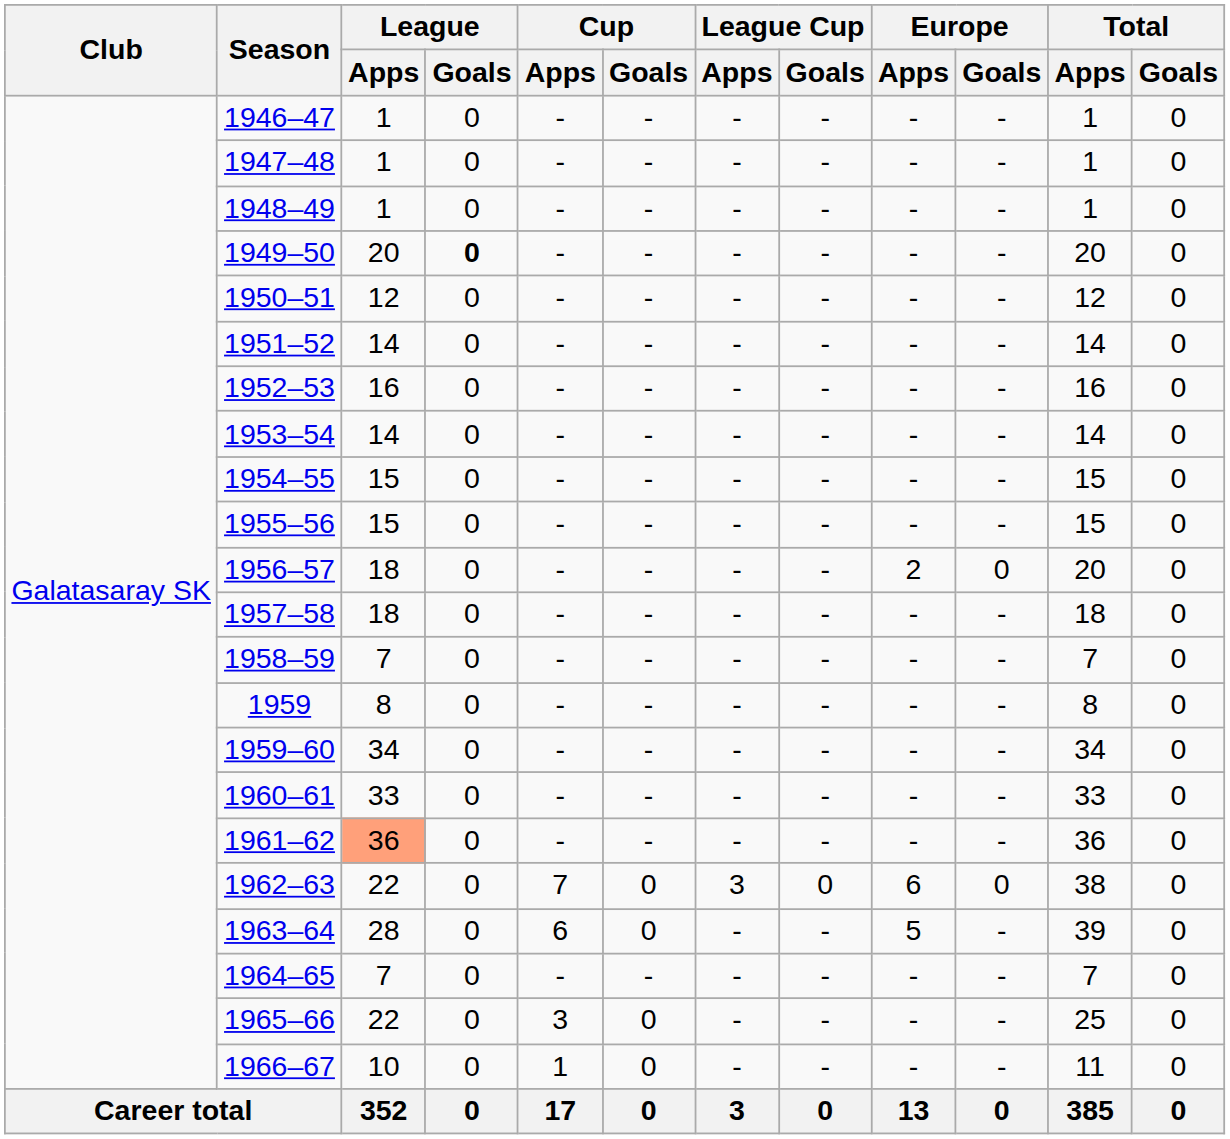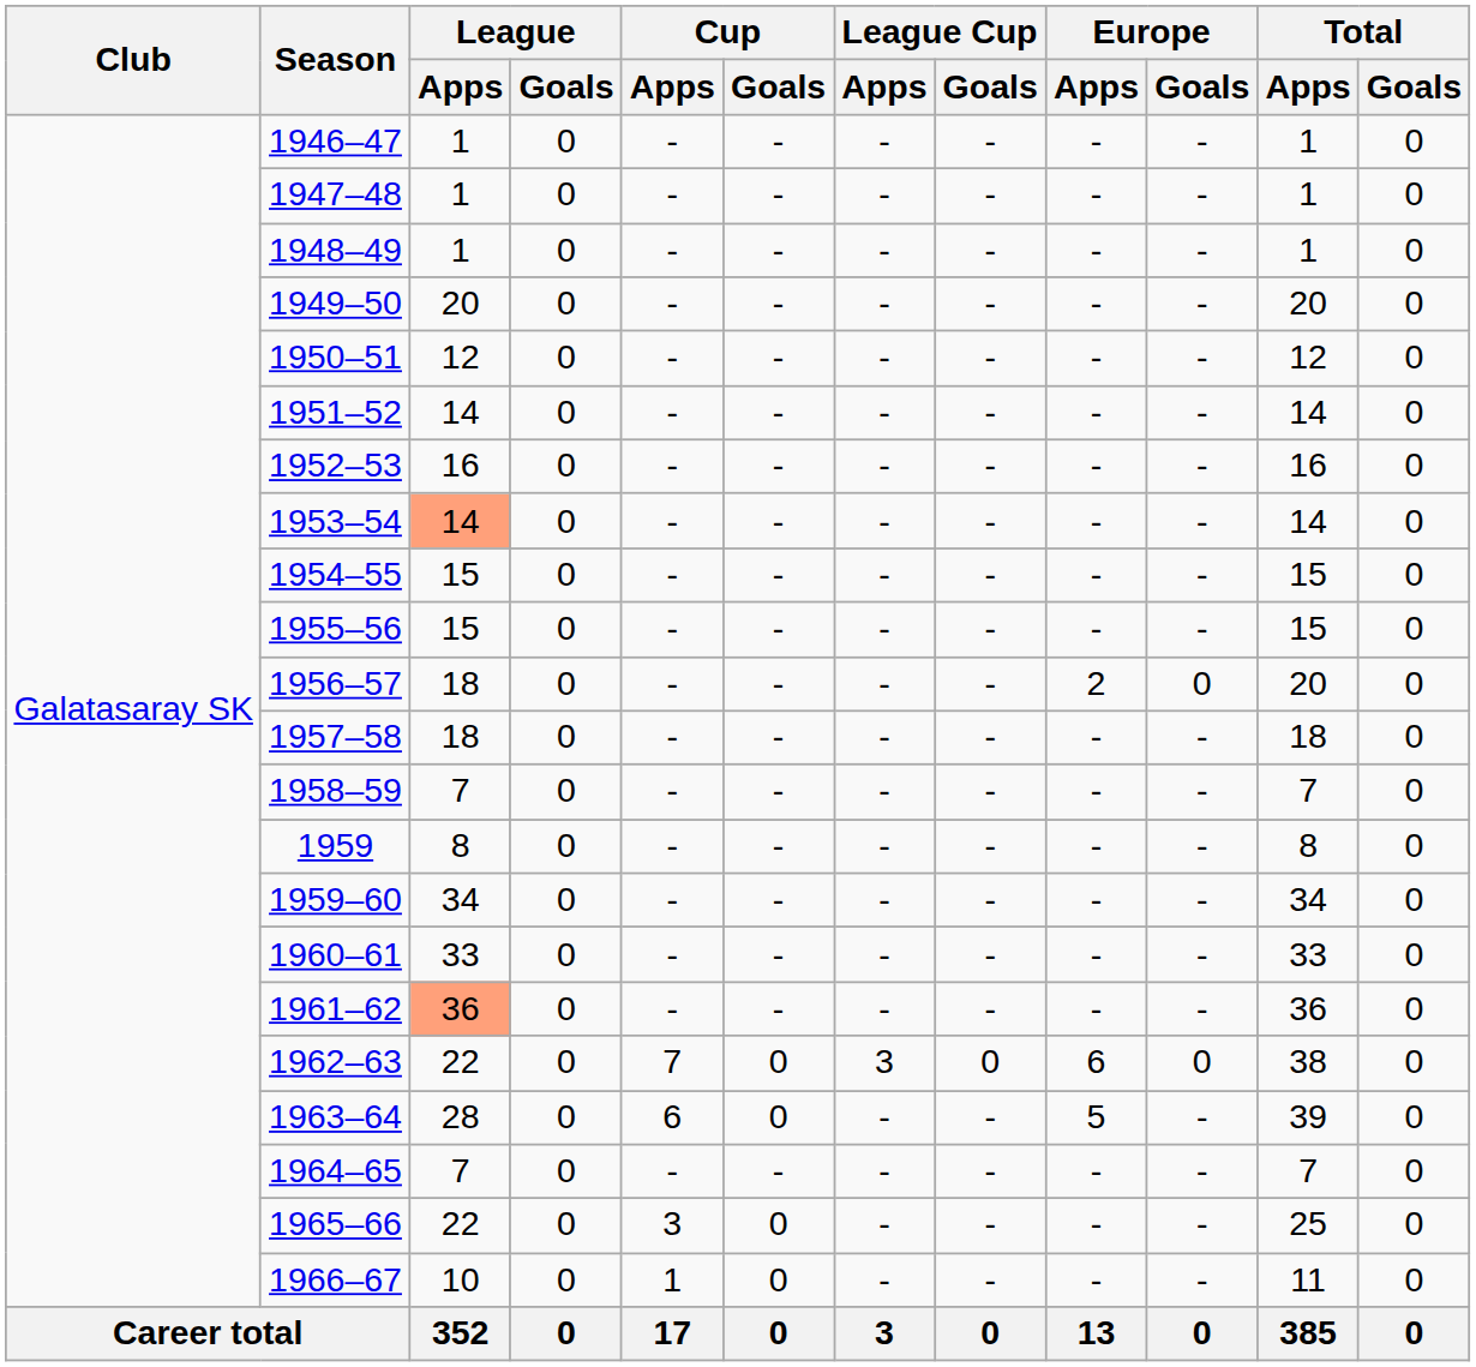 <table class="wikitable" style="text-align: center;">
 <tr>
 <th rowspan="2">Club</th>
 <th rowspan="2">Season</th>
 <th colspan="2">League</th>
 <th colspan="2">Cup</th>
 <th colspan="2">League Cup</th>
 <th colspan="2">Europe</th>
 <th colspan="2">Total</th>
 </tr>
 <tr>
 <th>Apps</th>
 <th>Goals</th>
 <th>Apps</th>
 <th>Goals</th>
 <th>Apps</th>
 <th>Goals</th>
 <th>Apps</th>
 <th>Goals</th>
 <th>Apps</th>
 <th>Goals</th>
 </tr>
 <tr>
 <td rowspan="22"><a href='#'>Galatasaray SK</a></td>
 <td><a href='#'>1946–47</a></td>
 <td>1</td>
 <td>0</td>
 <td>-</td>
 <td>-</td>
 <td>-</td>
 <td>-</td>
 <td>-</td>
 <td>-</td>
 <td>1</td>
 <td>0</td>
 </tr>
 <tr>
 <td><a href='#'>1947–48</a></td>
 <td>1</td>
 <td>0</td>
 <td>-</td>
 <td>-</td>
 <td>-</td>
 <td>-</td>
 <td>-</td>
 <td>-</td>
 <td>1</td>
 <td>0</td>
 </tr>
 <tr>
 <td><a href='#'>1948–49</a></td>
 <td>1</td>
 <td>0</td>
 <td>-</td>
 <td>-</td>
 <td>-</td>
 <td>-</td>
 <td>-</td>
 <td>-</td>
 <td>1</td>
 <td>0</td>
 </tr>
 <tr>
 <td><a href='#'>1949–50</a></td>
 <td>20</td>
-<td><strong>0</strong></td>
+<td>0</td>
 <td>-</td>
 <td>-</td>
 <td>-</td>
 <td>-</td>
 <td>-</td>
 <td>-</td>
 <td>20</td>
 <td>0</td>
 </tr>
 <tr>
 <td><a href='#'>1950–51</a></td>
 <td>12</td>
 <td>0</td>
 <td>-</td>
 <td>-</td>
 <td>-</td>
 <td>-</td>
 <td>-</td>
 <td>-</td>
 <td>12</td>
 <td>0</td>
 </tr>
 <tr>
 <td><a href='#'>1951–52</a></td>
 <td>14</td>
 <td>0</td>
 <td>-</td>
 <td>-</td>
 <td>-</td>
 <td>-</td>
 <td>-</td>
 <td>-</td>
 <td>14</td>
 <td>0</td>
 </tr>
 <tr>
 <td><a href='#'>1952–53</a></td>
 <td>16</td>
 <td>0</td>
 <td>-</td>
 <td>-</td>
 <td>-</td>
 <td>-</td>
 <td>-</td>
 <td>-</td>
 <td>16</td>
 <td>0</td>
 </tr>
 <tr>
 <td><a href='#'>1953–54</a></td>
-<td>14</td>
+<td style="background: lightsalmon;">14</td>
 <td>0</td>
 <td>-</td>
 <td>-</td>
 <td>-</td>
 <td>-</td>
 <td>-</td>
 <td>-</td>
 <td>14</td>
 <td>0</td>
 </tr>
 <tr>
 <td><a href='#'>1954–55</a></td>
 <td>15</td>
 <td>0</td>
 <td>-</td>
 <td>-</td>
 <td>-</td>
 <td>-</td>
 <td>-</td>
 <td>-</td>
 <td>15</td>
 <td>0</td>
 </tr>
 <tr>
 <td><a href='#'>1955–56</a></td>
 <td>15</td>
 <td>0</td>
 <td>-</td>
 <td>-</td>
 <td>-</td>
 <td>-</td>
 <td>-</td>
 <td>-</td>
 <td>15</td>
 <td>0</td>
 </tr>
 <tr>
 <td><a href='#'>1956–57</a></td>
 <td>18</td>
 <td>0</td>
 <td>-</td>
 <td>-</td>
 <td>-</td>
 <td>-</td>
 <td>2</td>
 <td>0</td>
 <td>20</td>
 <td>0</td>
 </tr>
 <tr>
 <td><a href='#'>1957–58</a></td>
 <td>18</td>
 <td>0</td>
 <td>-</td>
 <td>-</td>
 <td>-</td>
 <td>-</td>
 <td>-</td>
 <td>-</td>
 <td>18</td>
 <td>0</td>
 </tr>
 <tr>
 <td><a href='#'>1958–59</a></td>
 <td>7</td>
 <td>0</td>
 <td>-</td>
 <td>-</td>
 <td>-</td>
 <td>-</td>
 <td>-</td>
 <td>-</td>
 <td>7</td>
 <td>0</td>
 </tr>
 <tr>
 <td><a href='#'>1959</a></td>
 <td>8</td>
 <td>0</td>
 <td>-</td>
 <td>-</td>
 <td>-</td>
 <td>-</td>
 <td>-</td>
 <td>-</td>
 <td>8</td>
 <td>0</td>
 </tr>
 <tr>
 <td><a href='#'>1959–60</a></td>
 <td>34</td>
 <td>0</td>
 <td>-</td>
 <td>-</td>
 <td>-</td>
 <td>-</td>
 <td>-</td>
 <td>-</td>
 <td>34</td>
 <td>0</td>
 </tr>
 <tr>
 <td><a href='#'>1960–61</a></td>
 <td>33</td>
 <td>0</td>
 <td>-</td>
 <td>-</td>
 <td>-</td>
 <td>-</td>
 <td>-</td>
 <td>-</td>
 <td>33</td>
 <td>0</td>
 </tr>
 <tr>
 <td><a href='#'>1961–62</a></td>
 <td style="background: lightsalmon;">36</td>
 <td>0</td>
 <td>-</td>
 <td>-</td>
 <td>-</td>
 <td>-</td>
 <td>-</td>
 <td>-</td>
 <td>36</td>
 <td>0</td>
 </tr>
 <tr>
 <td><a href='#'>1962–63</a></td>
 <td>22</td>
 <td>0</td>
 <td>7</td>
 <td>0</td>
 <td>3</td>
 <td>0</td>
 <td>6</td>
 <td>0</td>
 <td>38</td>
 <td>0</td>
 </tr>
 <tr>
 <td><a href='#'>1963–64</a></td>
 <td>28</td>
 <td>0</td>
 <td>6</td>
 <td>0</td>
 <td>-</td>
 <td>-</td>
 <td>5</td>
 <td>-</td>
 <td>39</td>
 <td>0</td>
 </tr>
 <tr>
 <td><a href='#'>1964–65</a></td>
 <td>7</td>
 <td>0</td>
 <td>-</td>
 <td>-</td>
 <td>-</td>
 <td>-</td>
 <td>-</td>
 <td>-</td>
 <td>7</td>
 <td>0</td>
 </tr>
 <tr>
 <td><a href='#'>1965–66</a></td>
 <td>22</td>
 <td>0</td>
 <td>3</td>
 <td>0</td>
 <td>-</td>
 <td>-</td>
 <td>-</td>
 <td>-</td>
 <td>25</td>
 <td>0</td>
 </tr>
 <tr>
 <td><a href='#'>1966–67</a></td>
 <td>10</td>
 <td>0</td>
 <td>1</td>
 <td>0</td>
 <td>-</td>
 <td>-</td>
 <td>-</td>
 <td>-</td>
 <td>11</td>
 <td>0</td>
 </tr>
 <tr>
 <th colspan="2">Career total</th>
 <th>352</th>
 <th>0</th>
 <th>17</th>
 <th>0</th>
 <th>3</th>
 <th>0</th>
 <th>13</th>
 <th>0</th>
 <th>385</th>
 <th>0</th>
 </tr>
 </table>
